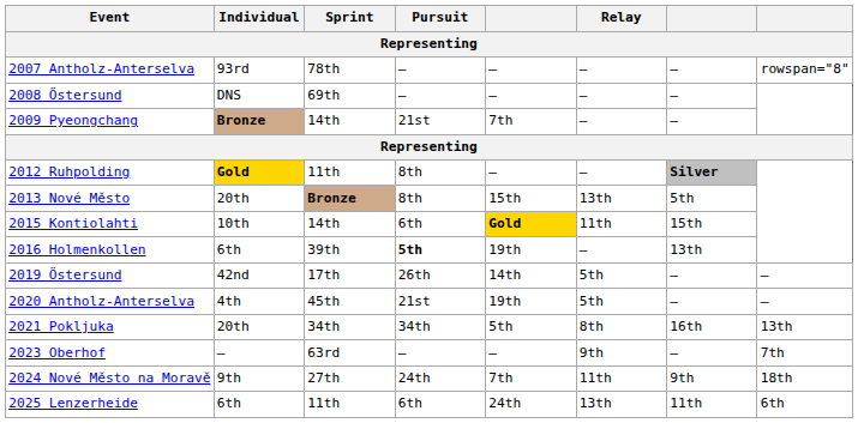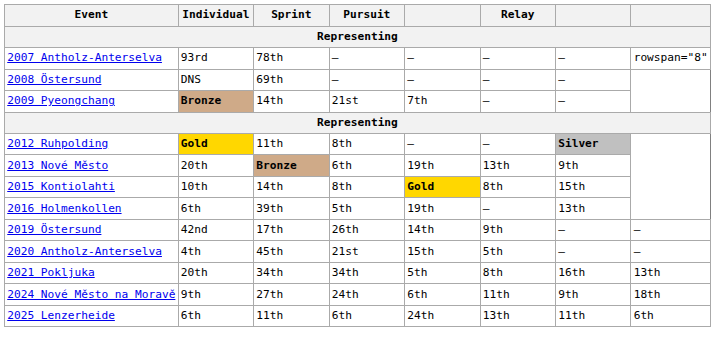 <table class="wikitable plainrowheaders" style="background:#fff; font-size:86%; line-height:16px; border:gray solid 1px; border-collapse:collapse;">
 <tr style="background:#ccc; text-align:center;">
 <th>Event</th>
 <th style="width:70px;">Individual</th>
 <th style="width:70px;">Sprint</th>
 <th style="width:70px;">Pursuit</th>
 <th style="width:70px;"></th>
 <th style="width:70px;">Relay</th>
 <th style="width:70px;"></th>
 <th style="width:70px;"></th>
 </tr>
 <tr>
 <th colspan=8>Representing </th>
 </tr>
 <tr>
 <td align=left> <a href='#'>2007 Antholz-Anterselva</a></td>
 <td>93rd</td>
 <td>78th</td>
 <td>—</td>
 <td>—</td>
 <td>—</td>
 <td>—</td>
 <td>rowspan="8" </td>
 </tr>
 <tr>
 <td align=left> <a href='#'>2008 Östersund</a></td>
 <td>DNS</td>
 <td>69th</td>
 <td>—</td>
 <td>—</td>
 <td>—</td>
 <td>—</td>
 </tr>
 <tr>
 <td align=left> <a href='#'>2009 Pyeongchang</a></td>
 <td style="background:#cfaa88;"><strong>Bronze</strong></td>
 <td>14th</td>
 <td>21st</td>
 <td>7th</td>
 <td>—</td>
 <td>—</td>
 </tr>
 <tr>
 <th colspan=8>Representing </th>
 </tr>
 <tr>
 <td align=left> <a href='#'>2012 Ruhpolding</a></td>
 <td style="background:gold;"><strong>Gold</strong></td>
 <td>11th</td>
 <td>8th</td>
 <td>—</td>
 <td>—</td>
 <td style="background:silver;"><strong>Silver</strong></td>
 </tr>
 <tr>
 <td align=left> <a href='#'>2013 Nové Město</a></td>
 <td>20th</td>
 <td style="background:#cfaa88;"><strong>Bronze</strong></td>
-<td>8th</td>
-<td>15th</td>
+<td>6th</td>
+<td>19th</td>
 <td>13th</td>
-<td>5th</td>
+<td>9th</td>
 </tr>
 <tr>
 <td align=left> <a href='#'>2015 Kontiolahti</a></td>
 <td>10th</td>
 <td>14th</td>
-<td>6th</td>
+<td>8th</td>
 <td style="background:gold;"><strong>Gold</strong></td>
-<td>11th</td>
+<td>8th</td>
 <td>15th</td>
 </tr>
 <tr>
 <td align=left> <a href='#'>2016 Holmenkollen</a></td>
 <td>6th</td>
 <td>39th</td>
-<td><strong>5th</strong></td>
+<td>5th</td>
 <td>19th</td>
 <td>—</td>
 <td>13th</td>
 </tr>
 <tr>
 <td align=left> <a href='#'>2019 Östersund</a></td>
 <td>42nd</td>
 <td>17th</td>
 <td>26th</td>
 <td>14th</td>
-<td>5th</td>
+<td>9th</td>
 <td>—</td>
 <td>—</td>
 </tr>
 <tr>
 <td align=left> <a href='#'>2020 Antholz-Anterselva</a></td>
 <td>4th</td>
 <td>45th</td>
 <td>21st</td>
-<td>19th</td>
+<td>15th</td>
 <td>5th</td>
 <td>—</td>
 <td>—</td>
 </tr>
 <tr>
 <td align=left> <a href='#'>2021 Pokljuka</a></td>
 <td>20th</td>
 <td>34th</td>
 <td>34th</td>
 <td>5th</td>
 <td>8th</td>
 <td>16th</td>
 <td>13th</td>
 </tr>
 <tr>
-<td align=left> <a href='#'>2023 Oberhof</a></td>
-<td>—</td>
-<td>63rd</td>
-<td>—</td>
-<td>—</td>
-<td>9th</td>
-<td>—</td>
-<td>7th</td>
-</tr>
-<tr>
 <td align=left> <a href='#'>2024 Nové Město na Moravě</a></td>
 <td>9th</td>
 <td>27th</td>
 <td>24th</td>
-<td>7th</td>
+<td>6th</td>
 <td>11th</td>
 <td>9th</td>
 <td>18th</td>
 </tr>
 <tr>
 <td align=left> <a href='#'>2025 Lenzerheide</a></td>
 <td>6th</td>
 <td>11th</td>
 <td>6th</td>
 <td>24th</td>
 <td>13th</td>
 <td>11th</td>
 <td>6th</td>
 </tr>
 </table>
